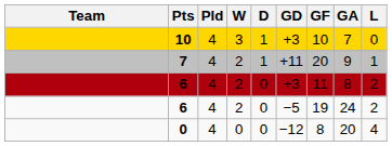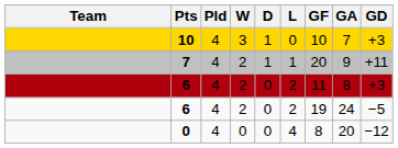 <table class=wikitable style="text-align:center">
 <tr>
 <th width=175>Team</th>
 <th width=20>Pts</th>
 <th width=20>Pld</th>
 <th width=20>W</th>
 <th width=20>D</th>
-<th width=20>GD</th>
+<th width=20>L</th>
 <th width=20>GF</th>
 <th width=20>GA</th>
-<th width=20>L</th>
+<th width=20>GD</th>
 </tr>
 <tr bgcolor=gold>
 <td style="text-align:left;"></td>
 <td><strong>10</strong></td>
 <td>4</td>
 <td>3</td>
 <td>1</td>
-<td>+3</td>
+<td>0</td>
 <td>10</td>
 <td>7</td>
-<td>0</td>
+<td>+3</td>
 </tr>
 <tr bgcolor=silver>
 <td style="text-align:left;"></td>
 <td><strong>7</strong></td>
 <td>4</td>
 <td>2</td>
 <td>1</td>
-<td>+11</td>
+<td>1</td>
 <td>20</td>
 <td>9</td>
-<td>1</td>
+<td>+11</td>
 </tr>
 <tr bgcolor=bronze>
 <td style="text-align:left;"></td>
 <td><strong>6</strong></td>
 <td>4</td>
 <td>2</td>
 <td>0</td>
-<td>+3</td>
+<td>2</td>
 <td>11</td>
 <td>8</td>
-<td>2</td>
+<td>+3</td>
 </tr>
 <tr>
 <td style="text-align:left;"></td>
 <td><strong>6</strong></td>
 <td>4</td>
 <td>2</td>
 <td>0</td>
-<td>−5</td>
+<td>2</td>
 <td>19</td>
 <td>24</td>
-<td>2</td>
+<td>−5</td>
 </tr>
 <tr>
 <td style="text-align:left;"></td>
 <td><strong>0</strong></td>
 <td>4</td>
 <td>0</td>
 <td>0</td>
-<td>−12</td>
+<td>4</td>
 <td>8</td>
 <td>20</td>
-<td>4</td>
+<td>−12</td>
 </tr>
 </table>
